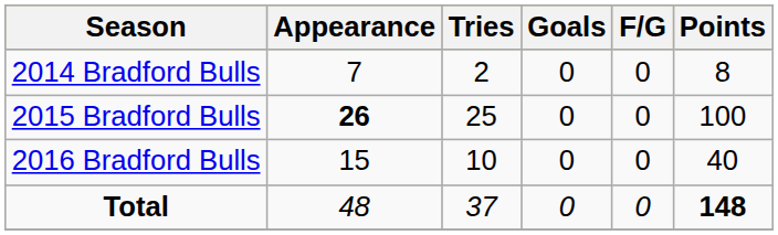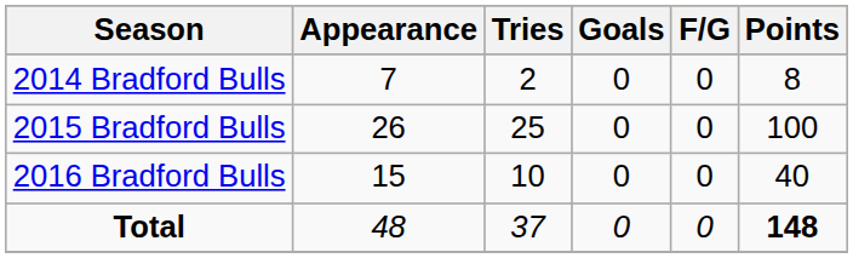 <table class="wikitable" style="text-align:center;">
 <tr bgcolor=#bdb76b>
 <th>Season</th>
 <th>Appearance</th>
 <th>Tries</th>
 <th>Goals</th>
 <th>F/G</th>
 <th>Points</th>
 </tr>
 <tr>
 <td><a href='#'>2014 Bradford Bulls</a></td>
 <td>7</td>
 <td>2</td>
 <td>0</td>
 <td>0</td>
 <td>8</td>
 </tr>
 <tr>
 <td><a href='#'>2015 Bradford Bulls</a></td>
-<td><strong>26</strong></td>
+<td>26</td>
 <td>25</td>
 <td>0</td>
 <td>0</td>
 <td>100</td>
 </tr>
 <tr>
 <td><a href='#'>2016 Bradford Bulls</a></td>
 <td>15</td>
 <td>10</td>
 <td>0</td>
 <td>0</td>
 <td>40</td>
 </tr>
 <tr>
 <td><strong>Total</strong></td>
 <td><em>48</em></td>
 <td><em>37</em></td>
 <td><em>0</em></td>
 <td><em>0</em></td>
 <td><strong>148</strong></td>
 </tr>
 <tr>
 </tr>
 </table>
